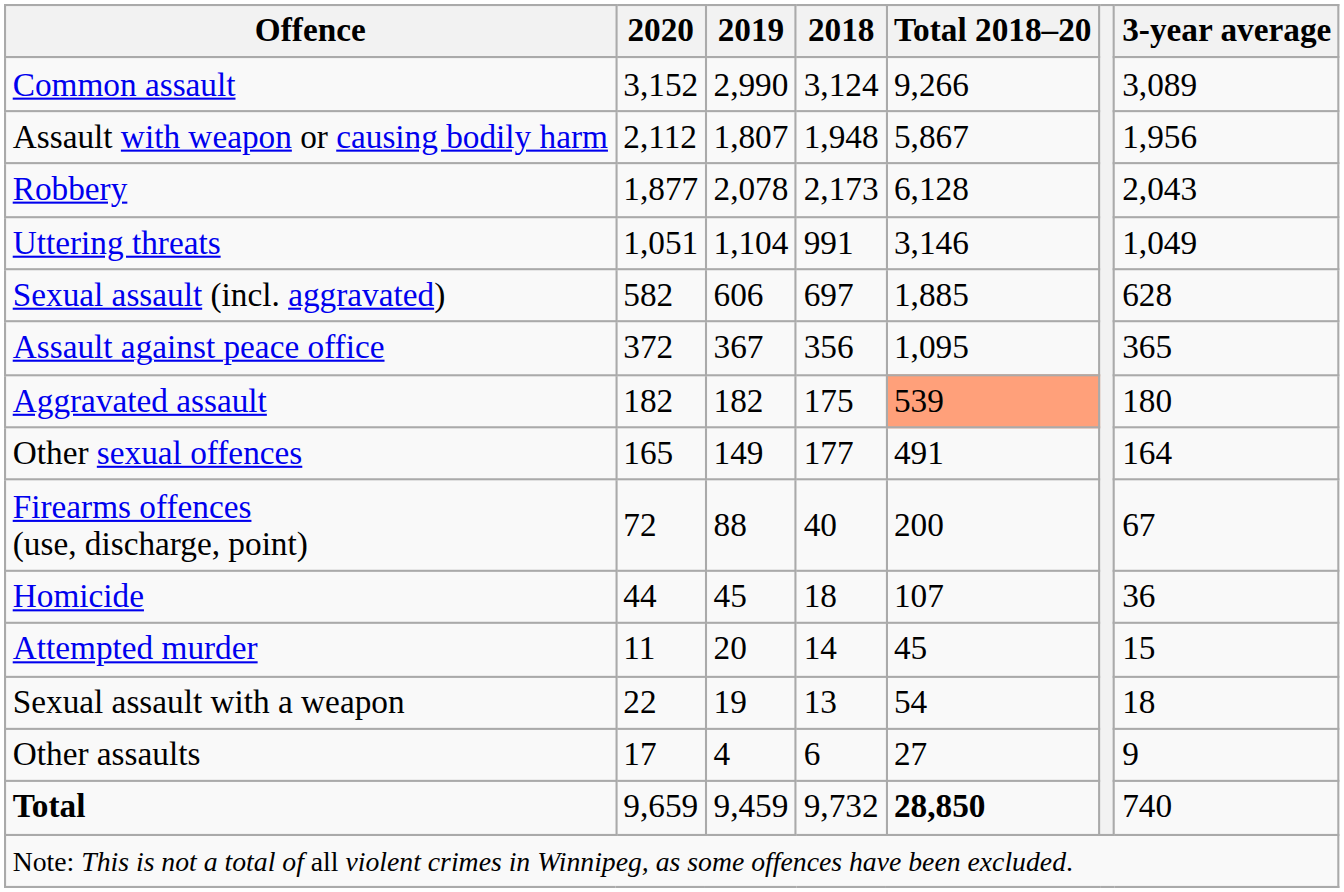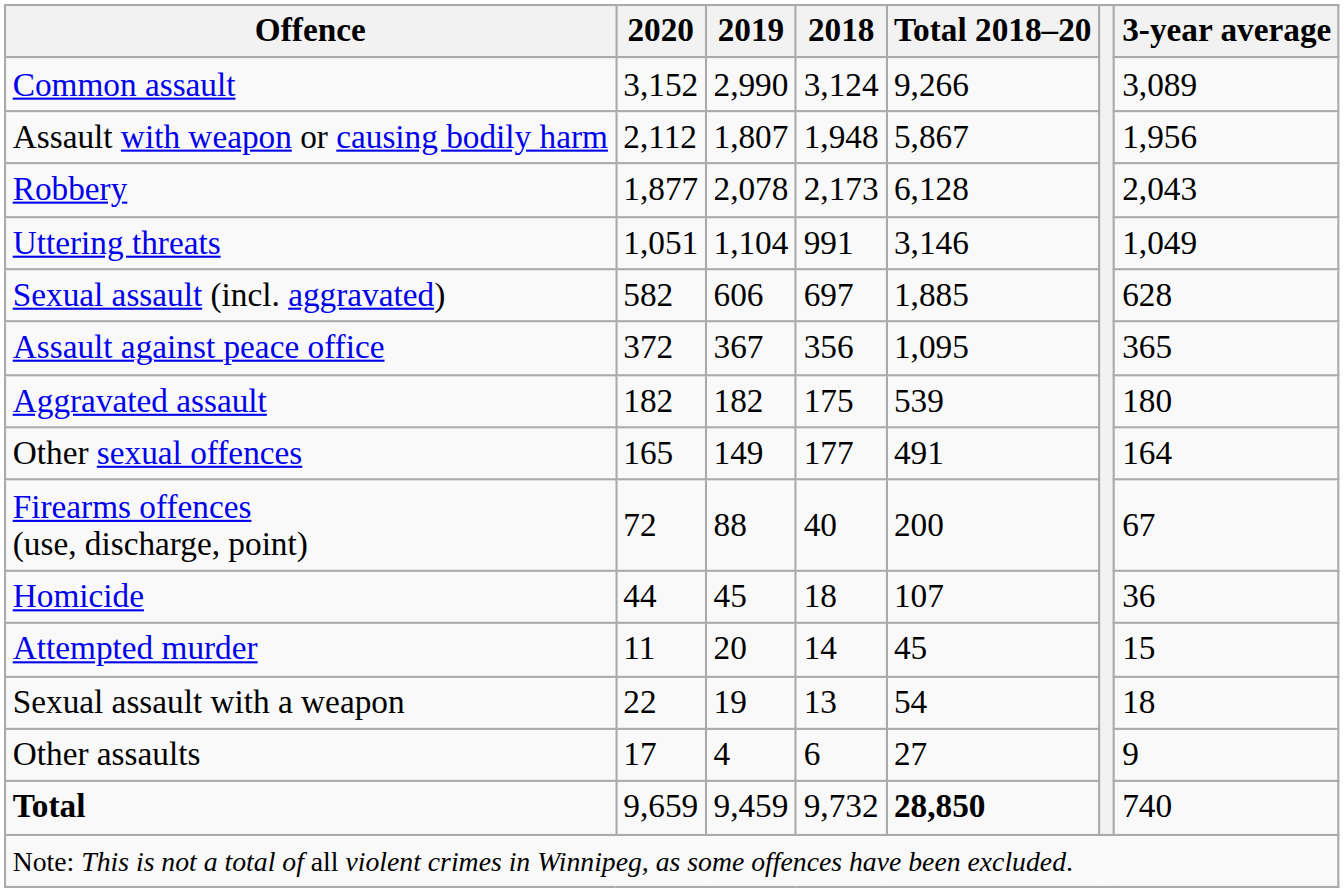 <table class="wikitable mw-collapsible mw-collapsed">
 <tr>
 <th>Offence</th>
 <th>2020</th>
 <th>2019</th>
 <th>2018</th>
 <th>Total 2018–20</th>
 <th rowspan="15"></th>
 <th>3-year average</th>
 </tr>
 <tr>
 <td><a href='#'>Common assault</a></td>
 <td>3,152</td>
 <td>2,990</td>
 <td>3,124</td>
 <td>9,266</td>
 <td>3,089</td>
 </tr>
 <tr>
 <td>Assault <a href='#'>with weapon</a> or <a href='#'>causing bodily harm</a></td>
 <td>2,112</td>
 <td>1,807</td>
 <td>1,948</td>
 <td>5,867</td>
 <td>1,956</td>
 </tr>
 <tr>
 <td><a href='#'>Robbery</a></td>
 <td>1,877</td>
 <td>2,078</td>
 <td>2,173</td>
 <td>6,128</td>
 <td>2,043</td>
 </tr>
 <tr>
 <td><a href='#'>Uttering threats</a></td>
 <td>1,051</td>
 <td>1,104</td>
 <td>991</td>
 <td>3,146</td>
 <td>1,049</td>
 </tr>
 <tr>
 <td><a href='#'>Sexual assault</a> (incl. <a href='#'>aggravated</a>)</td>
 <td>582</td>
 <td>606</td>
 <td>697</td>
 <td>1,885</td>
 <td>628</td>
 </tr>
 <tr>
 <td><a href='#'>Assault against peace office</a></td>
 <td>372</td>
 <td>367</td>
 <td>356</td>
 <td>1,095</td>
 <td>365</td>
 </tr>
 <tr>
 <td><a href='#'>Aggravated assault</a></td>
 <td>182</td>
 <td>182</td>
 <td>175</td>
-<td style="background: lightsalmon;">539</td>
+<td>539</td>
 <td>180</td>
 </tr>
 <tr>
 <td>Other <a href='#'>sexual offences</a></td>
 <td>165</td>
 <td>149</td>
 <td>177</td>
 <td>491</td>
 <td>164</td>
 </tr>
 <tr>
 <td><a href='#'>Firearms offences</a><br>(use, discharge, point)</td>
 <td>72</td>
 <td>88</td>
 <td>40</td>
 <td>200</td>
 <td>67</td>
 </tr>
 <tr>
 <td><a href='#'>Homicide</a></td>
 <td>44</td>
 <td>45</td>
 <td>18</td>
 <td>107</td>
 <td>36</td>
 </tr>
 <tr>
 <td><a href='#'>Attempted murder</a></td>
 <td>11</td>
 <td>20</td>
 <td>14</td>
 <td>45</td>
 <td>15</td>
 </tr>
 <tr>
 <td>Sexual assault with a weapon</td>
 <td>22</td>
 <td>19</td>
 <td>13</td>
 <td>54</td>
 <td>18</td>
 </tr>
 <tr>
 <td>Other assaults</td>
 <td>17</td>
 <td>4</td>
 <td>6</td>
 <td>27</td>
 <td>9</td>
 </tr>
 <tr>
 <td><strong>Total</strong></td>
 <td>9,659</td>
 <td>9,459</td>
 <td>9,732</td>
 <td><strong>28,850</strong></td>
 <td>740</td>
 </tr>
 <tr>
 <td colspan="7"><small>Note: <em>This is not a total of</em> all <em>violent crimes in Winnipeg, as some offences have been excluded</em>.</small></td>
 </tr>
 </table>
